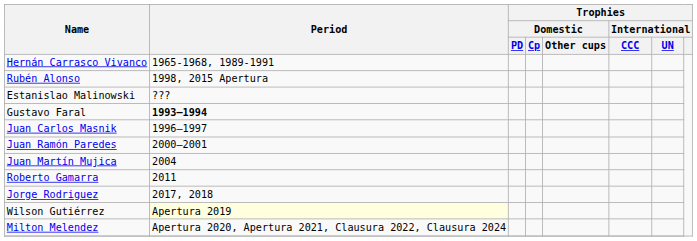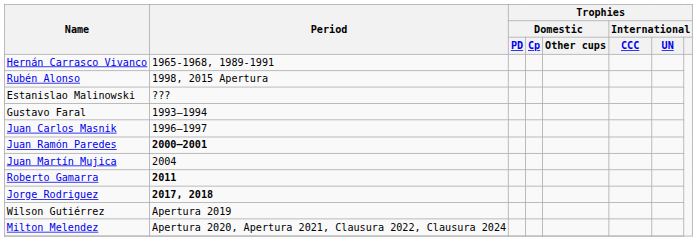 <table class="wikitable">
 <tr>
 <th rowspan="3">Name</th>
 <th rowspan="3">Period</th>
 <th colspan="7">Trophies</th>
 </tr>
 <tr>
 <th colspan="3">Domestic</th>
 <th colspan="4">International</th>
 </tr>
 <tr>
 <th><a href='#'>PD</a></th>
 <th><a href='#'>Cp</a></th>
 <th>Other cups</th>
 <th><a href='#'>CCC</a></th>
 <th><a href='#'>UN</a></th>
 <th></th>
 </tr>
 <tr>
 <td> <a href='#'>Hernán Carrasco Vivanco</a></td>
 <td>1965-1968, 1989-1991</td>
 <td></td>
 <td></td>
 <td></td>
 <td></td>
 <td></td>
 </tr>
 <tr>
 <td> <a href='#'>Rubén Alonso</a></td>
 <td>1998, 2015 Apertura</td>
 <td></td>
 <td></td>
 <td></td>
 <td></td>
 <td></td>
 </tr>
 <tr>
 <td>  Estanislao  Malinowski</td>
 <td>???</td>
 <td></td>
 <td></td>
 <td></td>
 <td></td>
 <td></td>
 </tr>
 <tr>
 <td> Gustavo Faral</td>
-<td><strong>1993–1994</strong></td>
+<td>1993–1994</td>
 <td></td>
 <td></td>
 <td></td>
 <td></td>
 <td></td>
 </tr>
 <tr>
 <td> <a href='#'>Juan Carlos Masnik</a></td>
 <td>1996–1997</td>
 <td></td>
 <td></td>
 <td></td>
 <td></td>
 <td></td>
 </tr>
 <tr>
 <td> <a href='#'>Juan Ramón Paredes</a></td>
-<td>2000–2001</td>
+<td><strong>2000–2001</strong></td>
 <td></td>
 <td></td>
 <td></td>
 <td></td>
 <td></td>
 </tr>
 <tr>
 <td> <a href='#'>Juan Martín Mujica</a></td>
 <td>2004</td>
 <td></td>
 <td></td>
 <td></td>
 <td></td>
 <td></td>
 </tr>
 <tr>
 <td> <a href='#'>Roberto Gamarra</a></td>
-<td>2011</td>
+<td><strong>2011</strong></td>
 <td></td>
 <td></td>
 <td></td>
 <td></td>
 <td></td>
 </tr>
 <tr>
 <td> <a href='#'>Jorge Rodriguez</a></td>
-<td>2017, 2018</td>
+<td><strong>2017, 2018</strong></td>
 <td></td>
 <td></td>
 <td></td>
 <td></td>
 <td></td>
 </tr>
 <tr>
 <td> Wilson Gutiérrez</td>
-<td style="background: lightyellow;">Apertura 2019</td>
+<td>Apertura 2019</td>
 <td></td>
 <td></td>
 <td></td>
 <td></td>
 <td></td>
 </tr>
 <tr>
 <td> <a href='#'>Milton Melendez</a></td>
 <td>Apertura 2020, Apertura 2021, Clausura 2022, Clausura 2024</td>
 <td></td>
 <td></td>
 <td></td>
 <td></td>
 <td></td>
 </tr>
 <tr>
 </tr>
 </table>
